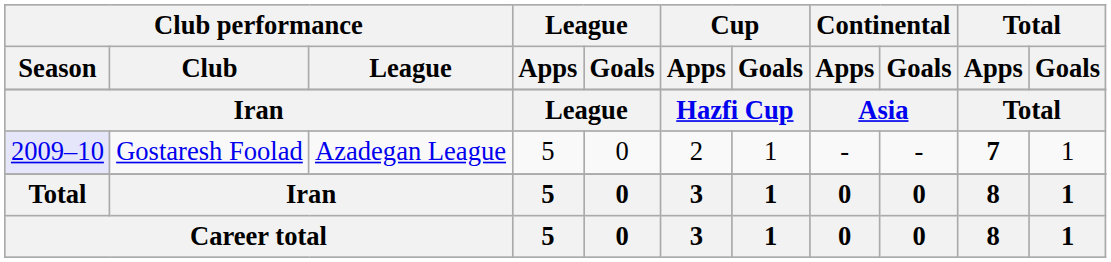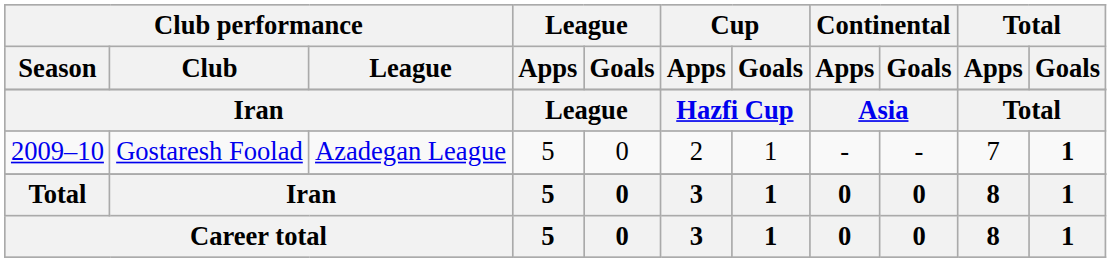 <table class="wikitable" style="text-align:center">
 <tr>
 <th colspan=3>Club performance</th>
 <th colspan=2>League</th>
 <th colspan=2>Cup</th>
 <th colspan=2>Continental</th>
 <th colspan=2>Total</th>
 </tr>
 <tr>
 <th>Season</th>
 <th>Club</th>
 <th>League</th>
 <th>Apps</th>
 <th>Goals</th>
 <th>Apps</th>
 <th>Goals</th>
 <th>Apps</th>
 <th>Goals</th>
 <th>Apps</th>
 <th>Goals</th>
 </tr>
 <tr>
 </tr>
 <tr>
 <th colspan=3>Iran</th>
 <th colspan=2>League</th>
 <th colspan=2><a href='#'>Hazfi Cup</a></th>
 <th colspan=2><a href='#'>Asia</a></th>
 <th colspan=2>Total</th>
 </tr>
 <tr>
-<td style="background: lavender;"><a href='#'>2009–10</a></td>
+<td><a href='#'>2009–10</a></td>
 <td rowspan="1"><a href='#'>Gostaresh Foolad</a></td>
 <td rowspan="1"><a href='#'>Azadegan League</a></td>
 <td>5</td>
 <td>0</td>
 <td>2</td>
 <td>1</td>
 <td>-</td>
 <td>-</td>
-<td><strong>7</strong></td>
-<td>1</td>
+<td>7</td>
+<td><strong>1</strong></td>
 </tr>
 <tr>
 </tr>
 <tr>
 <th rowspan=1>Total</th>
 <th colspan=2>Iran</th>
 <th>5</th>
 <th>0</th>
 <th>3</th>
 <th>1</th>
 <th>0</th>
 <th>0</th>
 <th>8</th>
 <th>1</th>
 </tr>
 <tr>
 <th colspan=3>Career total</th>
 <th>5</th>
 <th>0</th>
 <th>3</th>
 <th>1</th>
 <th>0</th>
 <th>0</th>
 <th>8</th>
 <th>1</th>
 </tr>
 </table>
